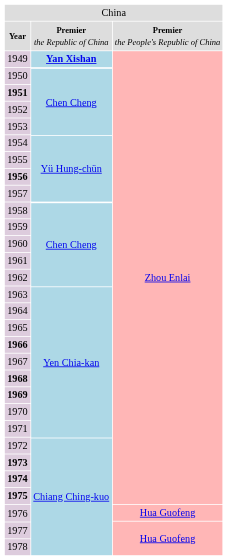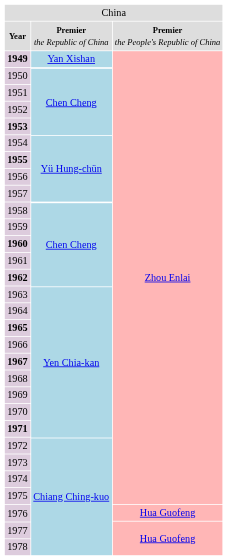 <table border=0 cellpadding=3 cellspacing=1 style="text-align:center;font-size:80%;line-height:14px;">
 <tr>
 <td bgcolor=#DDDDDD colspan=3>China</td>
 </tr>
 <tr>
 <td bgcolor=#DDDDDD><small><strong>Year</strong></small></td>
 <td bgcolor=#DDDDDD><small><strong>Premier </strong></small><br><small><em>the Republic of China</em></small><br></td>
 <td bgcolor=#DDDDDD><small><strong>Premier </strong></small><br><small><em>the People's Republic of China</em></small><br></td>
 </tr>
 <tr>
-<td bgcolor=#DDCCDD>1949</td>
-<td bgcolor=#ADD8E6><strong><a href='#'>Yan Xishan</a></strong></td>
+<td bgcolor=#DDCCDD><strong>1949</strong></td>
+<td bgcolor=#ADD8E6><a href='#'>Yan Xishan</a></td>
 <td bgcolor=#FFB6B6 rowspan=32><a href='#'>Zhou Enlai</a></td>
 </tr>
 <tr>
 <td bgcolor=#DDCCDD rowspan=2>1950</td>
 </tr>
 <tr>
 <td bgcolor=#ADD8E6 rowspan=5><a href='#'>Chen Cheng</a></td>
 </tr>
 <tr>
-<td bgcolor=#DDCCDD><strong>1951</strong></td>
+<td bgcolor=#DDCCDD>1951</td>
 </tr>
 <tr>
 <td bgcolor=#DDCCDD>1952</td>
 </tr>
 <tr>
-<td bgcolor=#DDCCDD>1953</td>
+<td bgcolor=#DDCCDD><strong>1953</strong></td>
 </tr>
 <tr>
 <td bgcolor=#DDCCDD rowspan=2>1954</td>
 </tr>
 <tr>
 <td bgcolor=#ADD8E6 rowspan=4><a href='#'>Yü Hung-chün</a></td>
 </tr>
 <tr>
-<td bgcolor=#DDCCDD>1955</td>
+<td bgcolor=#DDCCDD><strong>1955</strong></td>
 </tr>
 <tr>
-<td bgcolor=#DDCCDD><strong>1956</strong></td>
+<td bgcolor=#DDCCDD>1956</td>
 </tr>
 <tr>
 <td bgcolor=#DDCCDD>1957</td>
 </tr>
 <tr>
 <td bgcolor=#DDCCDD rowspan=2>1958</td>
 </tr>
 <tr>
 <td bgcolor=#ADD8E6 rowspan=6><a href='#'>Chen Cheng</a></td>
 </tr>
 <tr>
 <td bgcolor=#DDCCDD>1959</td>
 </tr>
 <tr>
-<td bgcolor=#DDCCDD>1960</td>
+<td bgcolor=#DDCCDD><strong>1960</strong></td>
 </tr>
 <tr>
 <td bgcolor=#DDCCDD>1961</td>
 </tr>
 <tr>
-<td bgcolor=#DDCCDD>1962</td>
+<td bgcolor=#DDCCDD><strong>1962</strong></td>
 </tr>
 <tr>
 <td bgcolor=#DDCCDD rowspan=2>1963</td>
 </tr>
 <tr>
 <td bgcolor=#ADD8E6 rowspan=10><a href='#'>Yen Chia-kan</a></td>
 </tr>
 <tr>
 <td bgcolor=#DDCCDD>1964</td>
 </tr>
 <tr>
-<td bgcolor=#DDCCDD>1965</td>
+<td bgcolor=#DDCCDD><strong>1965</strong></td>
 </tr>
 <tr>
-<td bgcolor=#DDCCDD><strong>1966</strong></td>
+<td bgcolor=#DDCCDD>1966</td>
 </tr>
 <tr>
-<td bgcolor=#DDCCDD>1967</td>
+<td bgcolor=#DDCCDD><strong>1967</strong></td>
 </tr>
 <tr>
-<td bgcolor=#DDCCDD><strong>1968</strong></td>
+<td bgcolor=#DDCCDD>1968</td>
 </tr>
 <tr>
-<td bgcolor=#DDCCDD><strong>1969</strong></td>
+<td bgcolor=#DDCCDD>1969</td>
 </tr>
 <tr>
 <td bgcolor=#DDCCDD>1970</td>
 </tr>
 <tr>
-<td bgcolor=#DDCCDD>1971</td>
+<td bgcolor=#DDCCDD><strong>1971</strong></td>
 </tr>
 <tr>
 <td bgcolor=#DDCCDD rowspan=2>1972</td>
 </tr>
 <tr>
 <td bgcolor=#ADD8E6 rowspan=8><a href='#'>Chiang Ching-kuo</a></td>
 </tr>
 <tr>
-<td bgcolor=#DDCCDD><strong>1973</strong></td>
+<td bgcolor=#DDCCDD>1973</td>
 </tr>
 <tr>
-<td bgcolor=#DDCCDD><strong>1974</strong></td>
+<td bgcolor=#DDCCDD>1974</td>
 </tr>
 <tr>
-<td bgcolor=#DDCCDD><strong>1975</strong></td>
+<td bgcolor=#DDCCDD>1975</td>
 </tr>
 <tr>
 <td bgcolor=#DDCCDD rowspan=2>1976</td>
 <td bgcolor=#FFB6B6><a href='#'>Hua Guofeng</a> </td>
 </tr>
 <tr>
 <td bgcolor=#FFB6B6 rowspan=3><a href='#'>Hua Guofeng</a></td>
 </tr>
 <tr>
 <td bgcolor=#DDCCDD>1977</td>
 </tr>
 <tr>
 <td bgcolor=#DDCCDD>1978</td>
 </tr>
 </table>
